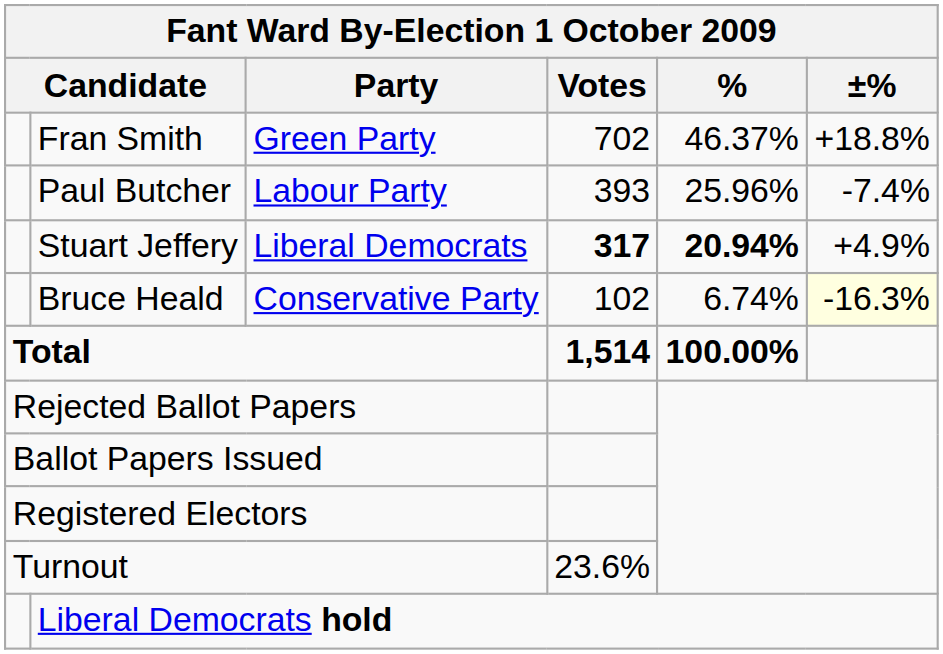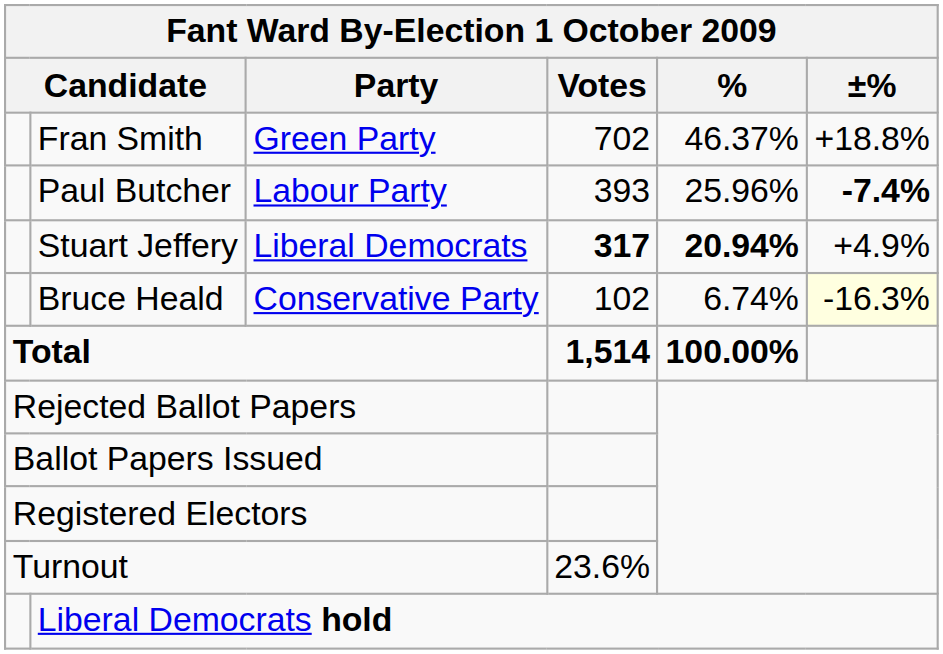 <table class="wikitable" style="text-align:right;">
 <tr>
 <th colspan=6>Fant Ward By-Election 1 October 2009</th>
 </tr>
 <tr>
 <th align=left colspan=2>Candidate</th>
 <th align=left>Party</th>
 <th align=center>Votes</th>
 <th align=center>%</th>
 <th align=center>±%</th>
 </tr>
 <tr>
 <td bgcolor=> </td>
 <td align=left>Fran Smith</td>
 <td align=left><a href='#'>Green Party</a></td>
 <td>702</td>
 <td>46.37%</td>
 <td>+18.8%</td>
 </tr>
 <tr>
 <td bgcolor=> </td>
 <td align=left>Paul Butcher</td>
 <td align=left><a href='#'>Labour Party</a></td>
 <td>393</td>
 <td>25.96%</td>
-<td>-7.4%</td>
+<td><strong>-7.4%</strong></td>
 </tr>
 <tr>
 <td bgcolor=> </td>
 <td align=left>Stuart Jeffery</td>
 <td align=left><a href='#'>Liberal Democrats</a></td>
 <td><strong>317</strong></td>
 <td><strong>20.94%</strong></td>
 <td>+4.9%</td>
 </tr>
 <tr>
 <td bgcolor=> </td>
 <td align=left>Bruce Heald</td>
 <td align=left><a href='#'>Conservative Party</a></td>
 <td>102</td>
 <td>6.74%</td>
 <td style="background: lightyellow;">-16.3%</td>
 </tr>
 <tr>
 <td align=left colspan=3><strong>Total</strong></td>
 <td><strong>1,514</strong></td>
 <td><strong>100.00%</strong></td>
 <td></td>
 </tr>
 <tr>
 <td align=left colspan=3>Rejected Ballot Papers</td>
 <td></td>
 <td rowspan=4 colspan=2></td>
 </tr>
 <tr>
 <td align=left colspan=3>Ballot Papers Issued</td>
 <td></td>
 </tr>
 <tr>
 <td align=left colspan=3>Registered Electors</td>
 <td></td>
 </tr>
 <tr>
 <td align=left colspan=3>Turnout</td>
 <td>23.6%</td>
 </tr>
 <tr>
 <td bgcolor=> </td>
 <td align=left colspan=6><a href='#'>Liberal Democrats</a> <strong>hold</strong></td>
 </tr>
 </table>
